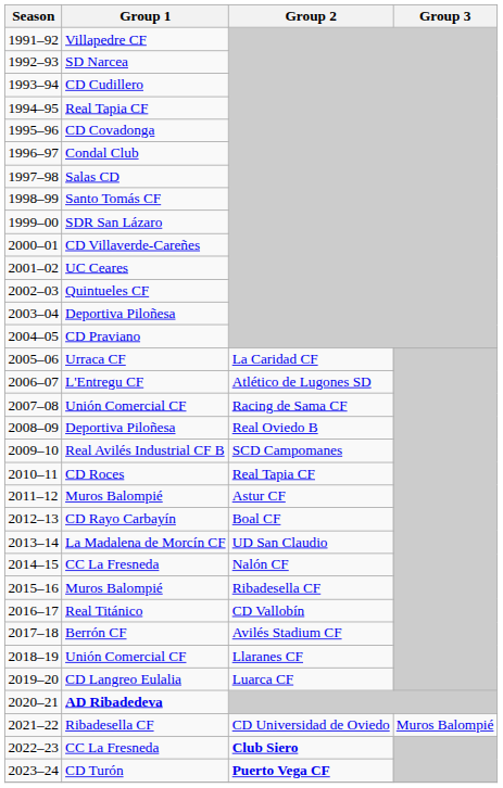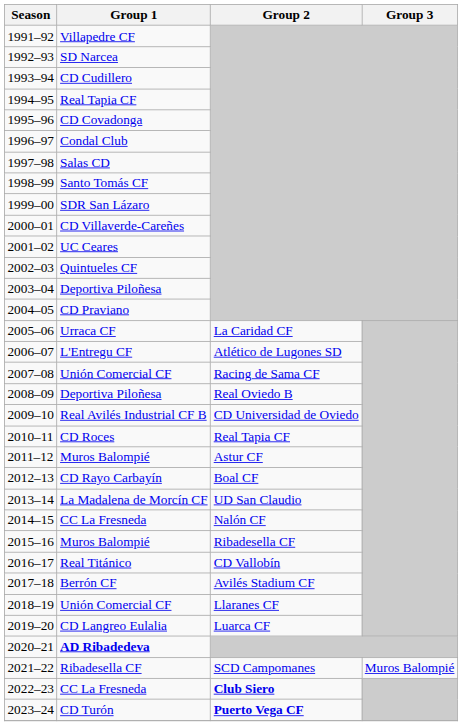 <table class="wikitable">
 <tr>
 <th>Season</th>
 <th>Group 1</th>
 <th>Group 2</th>
 <th>Group 3</th>
 </tr>
 <tr>
 <td>1991–92</td>
 <td><a href='#'>Villapedre CF</a></td>
 <td colspan=2 rowspan=14 bgcolor=#ccc></td>
 </tr>
 <tr>
 <td>1992–93</td>
 <td><a href='#'>SD Narcea</a></td>
 </tr>
 <tr>
 <td>1993–94</td>
 <td><a href='#'>CD Cudillero</a></td>
 </tr>
 <tr>
 <td>1994–95</td>
 <td><a href='#'>Real Tapia CF</a></td>
 </tr>
 <tr>
 <td>1995–96</td>
 <td><a href='#'>CD Covadonga</a></td>
 </tr>
 <tr>
 <td>1996–97</td>
 <td><a href='#'>Condal Club</a></td>
 </tr>
 <tr>
 <td>1997–98</td>
 <td><a href='#'>Salas CD</a></td>
 </tr>
 <tr>
 <td>1998–99</td>
 <td><a href='#'>Santo Tomás CF</a></td>
 </tr>
 <tr>
 <td>1999–00</td>
 <td><a href='#'>SDR San Lázaro</a></td>
 </tr>
 <tr>
 <td>2000–01</td>
 <td><a href='#'>CD Villaverde-Careñes</a></td>
 </tr>
 <tr>
 <td>2001–02</td>
 <td><a href='#'>UC Ceares</a></td>
 </tr>
 <tr>
 <td>2002–03</td>
 <td><a href='#'>Quintueles CF</a></td>
 </tr>
 <tr>
 <td>2003–04</td>
 <td><a href='#'>Deportiva Piloñesa</a></td>
 </tr>
 <tr>
 <td>2004–05</td>
 <td><a href='#'>CD Praviano</a></td>
 </tr>
 <tr>
 <td>2005–06</td>
 <td><a href='#'>Urraca CF</a></td>
 <td><a href='#'>La Caridad CF</a></td>
 <td rowspan=15 bgcolor=#ccc></td>
 </tr>
 <tr>
 <td>2006–07</td>
 <td><a href='#'>L'Entregu CF</a></td>
 <td><a href='#'>Atlético de Lugones SD</a></td>
 </tr>
 <tr>
 <td>2007–08</td>
 <td><a href='#'>Unión Comercial CF</a></td>
 <td><a href='#'>Racing de Sama CF</a></td>
 </tr>
 <tr>
 <td>2008–09</td>
 <td><a href='#'>Deportiva Piloñesa</a></td>
 <td><a href='#'>Real Oviedo B</a></td>
 </tr>
 <tr>
 <td>2009–10</td>
 <td><a href='#'>Real Avilés Industrial CF B</a></td>
-<td><a href='#'>SCD Campomanes</a></td>
+<td><a href='#'>CD Universidad de Oviedo</a></td>
 </tr>
 <tr>
 <td>2010–11</td>
 <td><a href='#'>CD Roces</a></td>
 <td><a href='#'>Real Tapia CF</a></td>
 </tr>
 <tr>
 <td>2011–12</td>
 <td><a href='#'>Muros Balompié</a></td>
 <td><a href='#'>Astur CF</a></td>
 </tr>
 <tr>
 <td>2012–13</td>
 <td><a href='#'>CD Rayo Carbayín</a></td>
 <td><a href='#'>Boal CF</a></td>
 </tr>
 <tr>
 <td>2013–14</td>
 <td><a href='#'>La Madalena de Morcín CF</a></td>
 <td><a href='#'>UD San Claudio</a></td>
 </tr>
 <tr>
 <td>2014–15</td>
 <td><a href='#'>CC La Fresneda</a></td>
 <td><a href='#'>Nalón CF</a></td>
 </tr>
 <tr>
 <td>2015–16</td>
 <td><a href='#'>Muros Balompié</a></td>
 <td><a href='#'>Ribadesella CF</a></td>
 </tr>
 <tr>
 <td>2016–17</td>
 <td><a href='#'>Real Titánico</a></td>
 <td><a href='#'>CD Vallobín</a></td>
 </tr>
 <tr>
 <td>2017–18</td>
 <td><a href='#'>Berrón CF</a></td>
 <td><a href='#'>Avilés Stadium CF</a></td>
 </tr>
 <tr>
 <td>2018–19</td>
 <td><a href='#'>Unión Comercial CF</a></td>
 <td><a href='#'>Llaranes CF</a></td>
 </tr>
 <tr>
 <td>2019–20</td>
 <td><a href='#'>CD Langreo Eulalia</a></td>
 <td><a href='#'>Luarca CF</a></td>
 </tr>
 <tr>
 <td>2020–21</td>
 <td><strong><a href='#'>AD Ribadedeva</a></strong></td>
 <td colspan=2 bgcolor=#ccc></td>
 </tr>
 <tr>
 <td>2021–22</td>
 <td><a href='#'>Ribadesella CF</a></td>
-<td><a href='#'>CD Universidad de Oviedo</a></td>
+<td><a href='#'>SCD Campomanes</a></td>
 <td><a href='#'>Muros Balompié</a></td>
 </tr>
 <tr>
 <td>2022–23</td>
 <td><a href='#'>CC La Fresneda</a></td>
 <td><strong><a href='#'>Club Siero</a></strong></td>
 <td rowspan=2 bgcolor=#ccc></td>
 </tr>
 <tr>
 <td>2023–24</td>
 <td><a href='#'>CD Turón</a></td>
 <td><strong><a href='#'>Puerto Vega CF</a></strong></td>
 </tr>
 <tr>
 </tr>
 </table>
